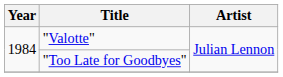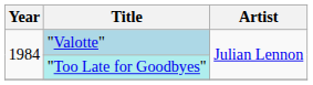 <table class="wikitable sortable">
 <tr>
 <th>Year</th>
 <th>Title</th>
 <th>Artist</th>
 </tr>
 <tr>
 <td rowspan="2">1984</td>
-<td>"<a href='#'>Valotte</a>"</td>
+<td style="background: lightblue;">"<a href='#'>Valotte</a>"</td>
 <td rowspan="2"><a href='#'>Julian Lennon</a></td>
 </tr>
 <tr>
-<td>"<a href='#'>Too Late for Goodbyes</a>"</td>
+<td style="background: paleturquoise;">"<a href='#'>Too Late for Goodbyes</a>"</td>
 </tr>
 <tr>
 </tr>
 </table>
